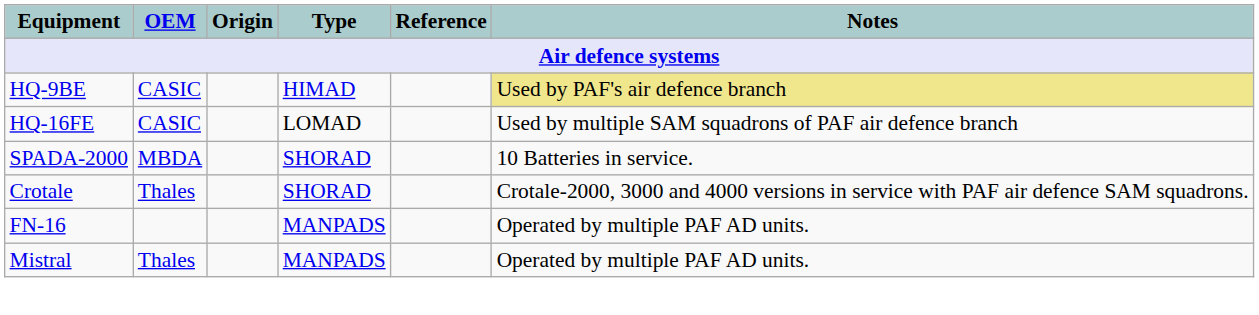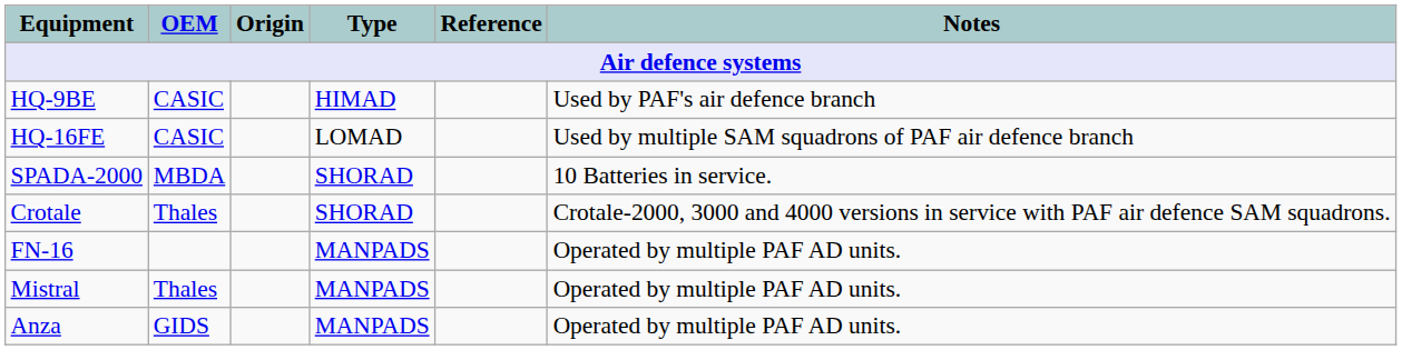 <table class="wikitable">
 <tr>
 <th style="text-align:center; background:#acc;">Equipment</th>
 <th style="text-align:center; background:#acc;"><a href='#'>OEM</a></th>
 <th style="text-align: center; background:#acc;">Origin</th>
 <th style="text-align:l center; background:#acc;">Type</th>
 <th style="text-align:l center; background:#acc;">Reference</th>
 <th style="text-align: center; background:#acc;">Notes</th>
 </tr>
 <tr>
 <th colspan="6" style="align: center; background: lavender;"><a href='#'>Air defence systems</a></th>
 </tr>
 <tr>
 <td><a href='#'>HQ-9BE</a></td>
 <td><a href='#'>CASIC</a></td>
 <td></td>
 <td><a href='#'>HIMAD</a></td>
 <td></td>
-<td style="background: khaki;">Used by PAF's air defence branch</td>
+<td>Used by PAF's air defence branch</td>
 </tr>
 <tr>
 <td><a href='#'>HQ-16FE</a></td>
 <td><a href='#'>CASIC</a></td>
 <td></td>
 <td>LOMAD</td>
 <td></td>
 <td>Used by multiple SAM squadrons of PAF air defence branch</td>
 </tr>
 <tr>
 <td><a href='#'>SPADA-2000</a></td>
 <td><a href='#'>MBDA</a></td>
 <td></td>
 <td><a href='#'>SHORAD</a></td>
 <td></td>
 <td>10 Batteries in service.</td>
 </tr>
 <tr>
 <td><a href='#'>Crotale</a></td>
 <td><a href='#'>Thales</a></td>
 <td></td>
 <td><a href='#'>SHORAD</a></td>
 <td></td>
 <td>Crotale-2000, 3000 and 4000 versions in service with PAF air defence SAM squadrons.</td>
 </tr>
 <tr>
 <td><a href='#'>FN-16</a></td>
 <td></td>
 <td></td>
 <td><a href='#'>MANPADS</a></td>
 <td></td>
 <td>Operated by multiple PAF AD units.</td>
 </tr>
 <tr>
 <td><a href='#'>Mistral</a></td>
 <td><a href='#'>Thales</a></td>
 <td></td>
 <td><a href='#'>MANPADS</a></td>
 <td></td>
 <td>Operated by multiple PAF AD units.</td>
 </tr>
+<tr>
+<td><a href='#'>Anza</a></td>
+<td><a href='#'>GIDS</a></td>
+<td></td>
+<td><a href='#'>MANPADS</a></td>
+<td></td>
+<td>Operated by multiple PAF AD units.</td>
+</tr>
 </table>
